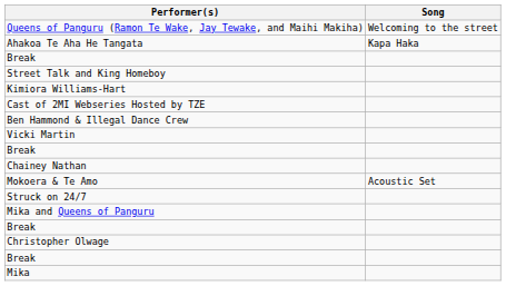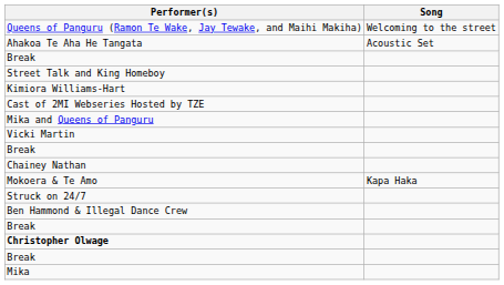 <table class="wikitable">
 <tr>
 <th>Performer(s)</th>
 <th>Song</th>
 </tr>
 <tr>
 <td><a href='#'>Queens of Panguru</a> (<a href='#'>Ramon Te Wake</a>, <a href='#'>Jay Tewake</a>, and Maihi Makiha)</td>
 <td>Welcoming to the street</td>
 </tr>
 <tr>
 <td>Ahakoa Te Aha He Tangata</td>
-<td>Kapa Haka</td>
+<td>Acoustic Set</td>
 </tr>
 <tr>
 <td>Break</td>
 <td></td>
 </tr>
 <tr>
 <td>Street Talk and King Homeboy</td>
 <td></td>
 </tr>
 <tr>
 <td>Kimiora Williams-Hart</td>
 <td></td>
 </tr>
 <tr>
 <td>Cast of 2MI Webseries Hosted by TZE</td>
 <td></td>
 </tr>
 <tr>
-<td>Ben Hammond & Illegal Dance Crew</td>
+<td>Mika and <a href='#'>Queens of Panguru</a></td>
 <td></td>
 </tr>
 <tr>
 <td>Vicki Martin</td>
 <td></td>
 </tr>
 <tr>
 <td>Break</td>
 <td></td>
 </tr>
 <tr>
 <td>Chainey Nathan</td>
 <td></td>
 </tr>
 <tr>
 <td>Mokoera & Te Amo</td>
-<td>Acoustic Set</td>
+<td>Kapa Haka</td>
 </tr>
 <tr>
 <td>Struck on 24/7</td>
 <td></td>
 </tr>
 <tr>
-<td>Mika and <a href='#'>Queens of Panguru</a></td>
+<td>Ben Hammond & Illegal Dance Crew</td>
 <td></td>
 </tr>
 <tr>
 <td>Break</td>
 <td></td>
 </tr>
 <tr>
-<td>Christopher Olwage</td>
+<td><strong>Christopher Olwage</strong></td>
 <td></td>
 </tr>
 <tr>
 <td>Break</td>
 <td></td>
 </tr>
 <tr>
 <td>Mika</td>
 <td></td>
 </tr>
 </table>
